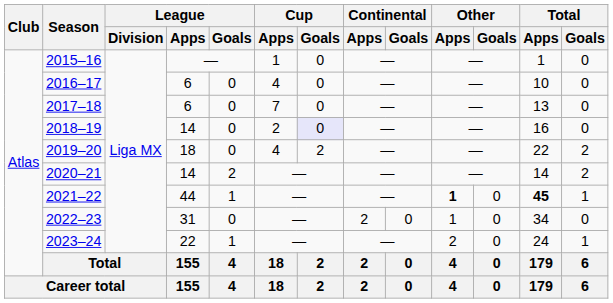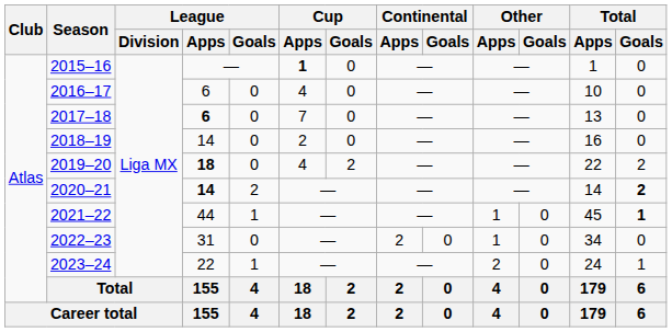 <table class="wikitable" style="text-align:center">
 <tr>
 <th rowspan="2">Club</th>
 <th rowspan="2">Season</th>
 <th colspan="3">League</th>
 <th colspan="2">Cup</th>
 <th colspan="2">Continental</th>
 <th colspan="2">Other</th>
 <th colspan="2">Total</th>
 </tr>
 <tr>
 <th>Division</th>
 <th>Apps</th>
 <th>Goals</th>
 <th>Apps</th>
 <th>Goals</th>
 <th>Apps</th>
 <th>Goals</th>
 <th>Apps</th>
 <th>Goals</th>
 <th>Apps</th>
 <th>Goals</th>
 </tr>
 <tr>
 <td rowspan="10"><a href='#'>Atlas</a></td>
 <td><a href='#'>2015–16</a></td>
 <td rowspan="9"><a href='#'>Liga MX</a></td>
 <td colspan="2">—</td>
-<td>1</td>
+<td><strong>1</strong></td>
 <td>0</td>
 <td colspan="2">—</td>
 <td colspan="2">—</td>
 <td>1</td>
 <td>0</td>
 </tr>
 <tr>
 <td><a href='#'>2016–17</a></td>
 <td>6</td>
 <td>0</td>
 <td>4</td>
 <td>0</td>
 <td colspan="2">—</td>
 <td colspan="2">—</td>
 <td>10</td>
 <td>0</td>
 </tr>
 <tr>
 <td><a href='#'>2017–18</a></td>
-<td>6</td>
+<td><strong>6</strong></td>
 <td>0</td>
 <td>7</td>
 <td>0</td>
 <td colspan="2">—</td>
 <td colspan="2">—</td>
 <td>13</td>
 <td>0</td>
 </tr>
 <tr>
 <td><a href='#'>2018–19</a></td>
 <td>14</td>
 <td>0</td>
 <td>2</td>
-<td style="background: lavender;">0</td>
+<td>0</td>
 <td colspan="2">—</td>
 <td colspan="2">—</td>
 <td>16</td>
 <td>0</td>
 </tr>
 <tr>
 <td><a href='#'>2019–20</a></td>
-<td>18</td>
+<td><strong>18</strong></td>
 <td>0</td>
 <td>4</td>
 <td>2</td>
 <td colspan="2">—</td>
 <td colspan="2">—</td>
 <td>22</td>
 <td>2</td>
 </tr>
 <tr>
 <td><a href='#'>2020–21</a></td>
-<td>14</td>
+<td><strong>14</strong></td>
 <td>2</td>
 <td colspan="2">—</td>
 <td colspan="2">—</td>
 <td colspan="2">—</td>
 <td>14</td>
-<td>2</td>
+<td><strong>2</strong></td>
 </tr>
 <tr>
 <td><a href='#'>2021–22</a></td>
 <td>44</td>
 <td>1</td>
 <td colspan="2">—</td>
 <td colspan="2">—</td>
+<td>1</td>
+<td>0</td>
+<td>45</td>
 <td><strong>1</strong></td>
-<td>0</td>
-<td><strong>45</strong></td>
-<td>1</td>
 </tr>
 <tr>
 <td><a href='#'>2022–23</a></td>
 <td>31</td>
 <td>0</td>
 <td colspan="2">—</td>
 <td>2</td>
 <td>0</td>
 <td>1</td>
 <td>0</td>
 <td>34</td>
 <td>0</td>
 </tr>
 <tr>
 <td><a href='#'>2023–24</a></td>
 <td>22</td>
 <td>1</td>
 <td colspan="2">—</td>
 <td colspan="2">—</td>
 <td>2</td>
 <td>0</td>
 <td>24</td>
 <td>1</td>
 </tr>
 <tr>
 <th colspan="2">Total</th>
 <th>155</th>
 <th>4</th>
 <th>18</th>
 <th>2</th>
 <th>2</th>
 <th>0</th>
 <th>4</th>
 <th>0</th>
 <th>179</th>
 <th>6</th>
 </tr>
 <tr>
 <th colspan="3">Career total</th>
 <th>155</th>
 <th>4</th>
 <th>18</th>
 <th>2</th>
 <th>2</th>
 <th>0</th>
 <th>4</th>
 <th>0</th>
 <th>179</th>
 <th>6</th>
 </tr>
 </table>
